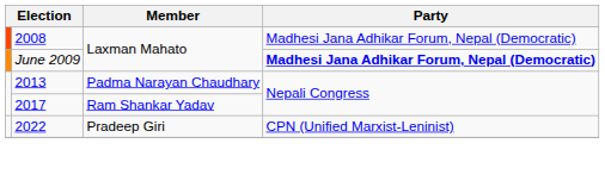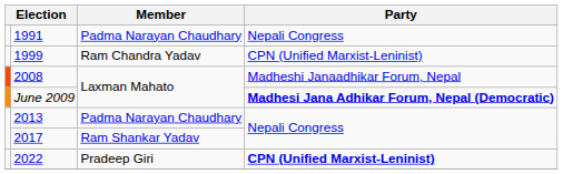 <table class="wikitable">
 <tr>
 <th colspan="2">Election</th>
 <th>Member</th>
 <th>Party</th>
 </tr>
 <tr>
+<td style="background-color:"></td>
+<td><a href='#'>1991</a></td>
+<td><a href='#'>Padma Narayan Chaudhary</a></td>
+<td><a href='#'>Nepali Congress</a></td>
+</tr>
+<tr>
+<td style="background-color:"></td>
+<td><a href='#'>1999</a></td>
+<td>Ram Chandra Yadav</td>
+<td><a href='#'>CPN (Unified Marxist-Leninist)</a></td>
+</tr>
+<tr>
 <td style="background-color:orangered"></td>
 <td><a href='#'>2008</a></td>
 <td rowspan="2">Laxman Mahato</td>
-<td><a href='#'>Madhesi Jana Adhikar Forum, Nepal (Democratic)</a></td>
+<td><a href='#'>Madheshi Janaadhikar Forum, Nepal</a></td>
 </tr>
 <tr>
 <td style="background-color:darkorange"></td>
 <td><em>June 2009</em></td>
 <td><strong><a href='#'>Madhesi Jana Adhikar Forum, Nepal (Democratic)</a></strong></td>
 </tr>
 <tr>
 <td rowspan="2" style="background-color:"></td>
 <td><a href='#'>2013</a></td>
 <td><a href='#'>Padma Narayan Chaudhary</a></td>
 <td rowspan="2"><a href='#'>Nepali Congress</a></td>
 </tr>
 <tr>
 <td><a href='#'>2017</a></td>
 <td><a href='#'>Ram Shankar Yadav</a></td>
 </tr>
 <tr>
 <td style="background-color:"></td>
 <td><a href='#'>2022</a></td>
 <td>Pradeep Giri</td>
-<td><a href='#'>CPN (Unified Marxist-Leninist)</a></td>
+<td><strong><a href='#'>CPN (Unified Marxist-Leninist)</a></strong></td>
 </tr>
 <tr>
 </tr>
 </table>
